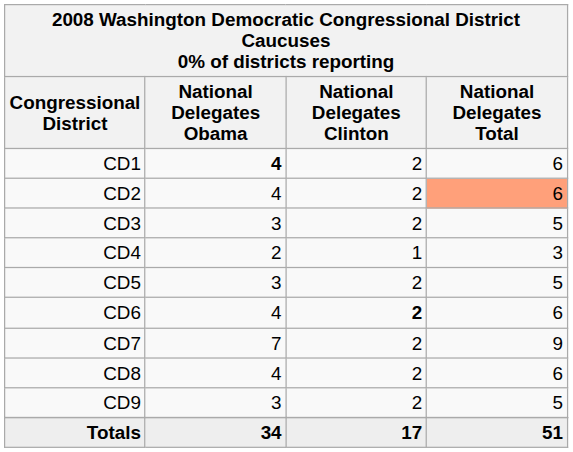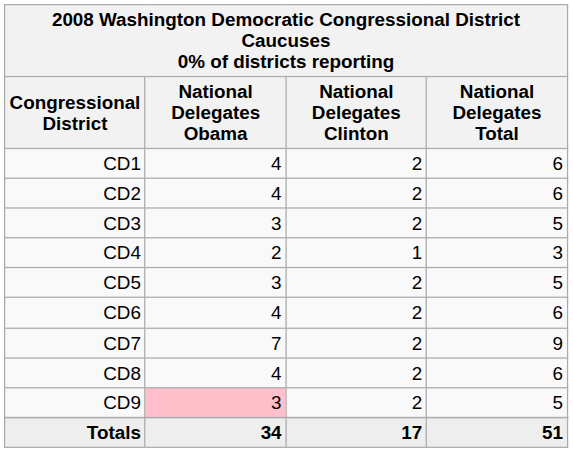 <table class="wikitable" style="font-size: 95%; text-align:right;">
 <tr>
 <th colspan="6">2008 Washington Democratic Congressional District Caucuses<br>0% of districts reporting</th>
 </tr>
 <tr>
 <th style="width: 7em">Congressional District</th>
 <th style="width: 7em">National Delegates Obama</th>
 <th style="width: 7em">National Delegates Clinton</th>
 <th style="width: 7em">National Delegates Total</th>
 </tr>
 <tr>
 <td>CD1</td>
-<td><strong>4</strong></td>
+<td>4</td>
 <td>2</td>
 <td>6</td>
 </tr>
 <tr>
 <td>CD2</td>
 <td>4</td>
 <td>2</td>
-<td style="background: lightsalmon;">6</td>
+<td>6</td>
 </tr>
 <tr>
 <td>CD3</td>
 <td>3</td>
 <td>2</td>
 <td>5</td>
 </tr>
 <tr>
 <td>CD4</td>
 <td>2</td>
 <td>1</td>
 <td>3</td>
 </tr>
 <tr>
 <td>CD5</td>
 <td>3</td>
 <td>2</td>
 <td>5</td>
 </tr>
 <tr>
 <td>CD6</td>
 <td>4</td>
-<td><strong>2</strong></td>
+<td>2</td>
 <td>6</td>
 </tr>
 <tr>
 <td>CD7</td>
 <td>7</td>
 <td>2</td>
 <td>9</td>
 </tr>
 <tr>
 <td>CD8</td>
 <td>4</td>
 <td>2</td>
 <td>6</td>
 </tr>
 <tr>
 <td>CD9</td>
-<td>3</td>
+<td style="background: pink;">3</td>
 <td>2</td>
 <td>5</td>
 </tr>
 <tr>
 </tr>
 <tr bgcolor="#EEEEEE" style="margin-right:0.5em">
 <td><strong>Totals</strong></td>
 <td><strong>34</strong></td>
 <td><strong>17</strong></td>
 <td><strong>51</strong></td>
 </tr>
 </table>
